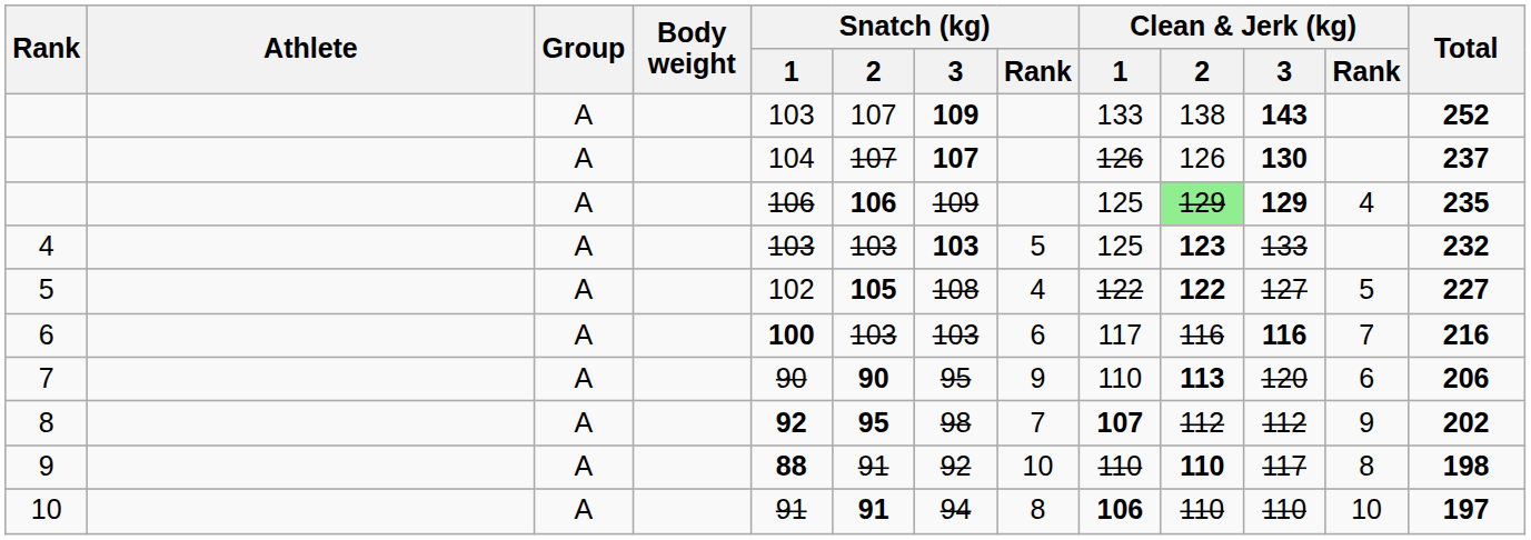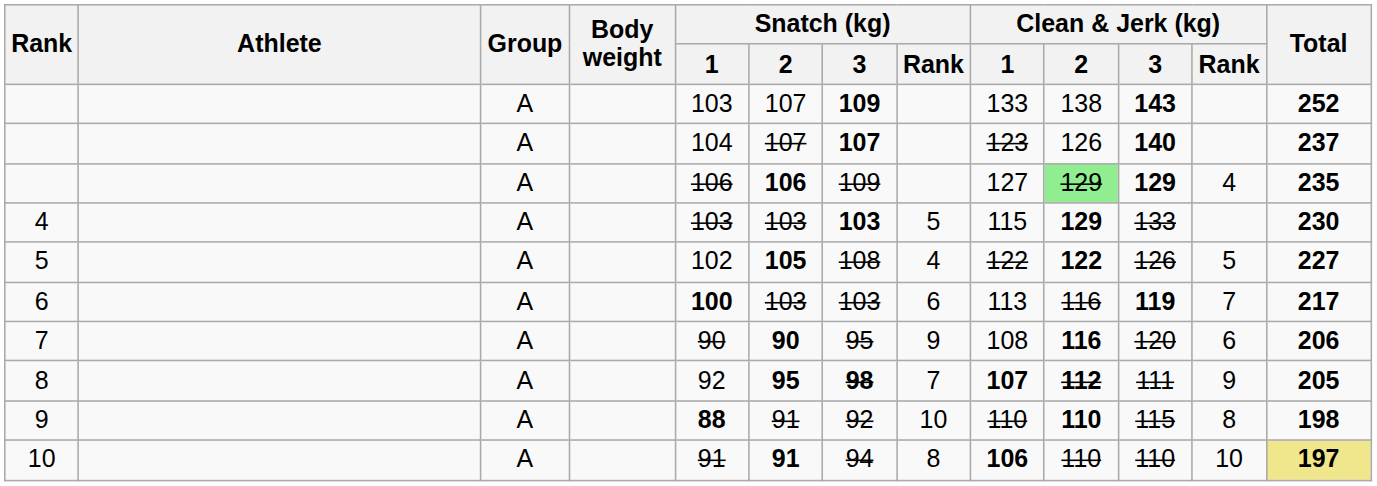 <table class = "wikitable" style="text-align:center;">
 <tr>
 <th rowspan=2 width=40>Rank</th>
 <th rowspan=2 width=250>Athlete</th>
 <th rowspan=2 width=50>Group</th>
 <th rowspan=2 width=60>Body weight</th>
 <th colspan=4>Snatch (kg)</th>
 <th colspan=4>Clean & Jerk (kg)</th>
 <th rowspan=2 width=60>Total</th>
 </tr>
 <tr>
 <th width=40>1</th>
 <th width=40>2</th>
 <th width=40>3</th>
 <th width=40>Rank</th>
 <th width=40>1</th>
 <th width=40>2</th>
 <th width=40>3</th>
 <th width=40>Rank</th>
 </tr>
 <tr>
 <td></td>
 <td align=left></td>
 <td>A</td>
 <td></td>
 <td>103</td>
 <td>107</td>
 <td><strong>109</strong></td>
 <td></td>
 <td>133</td>
 <td>138</td>
 <td><strong>143</strong></td>
 <td></td>
 <td><strong>252</strong></td>
 </tr>
 <tr>
 <td></td>
 <td align=left></td>
 <td>A</td>
 <td></td>
 <td>104</td>
 <td><s>107</s></td>
 <td><strong>107</strong></td>
 <td></td>
-<td><s>126</s></td>
+<td><s>123</s></td>
 <td>126</td>
-<td><strong>130</strong></td>
+<td><strong>140</strong></td>
 <td></td>
 <td><strong>237</strong></td>
 </tr>
 <tr>
 <td></td>
 <td align=left></td>
 <td>A</td>
 <td></td>
 <td><s>106</s></td>
 <td><strong>106</strong></td>
 <td><s>109</s></td>
 <td></td>
-<td>125</td>
+<td>127</td>
 <td style="background: lightgreen;"><s>129</s></td>
 <td><strong>129</strong></td>
 <td>4</td>
 <td><strong>235</strong></td>
 </tr>
 <tr>
 <td>4</td>
 <td align=left></td>
 <td>A</td>
 <td></td>
 <td><s>103</s></td>
 <td><s>103</s></td>
 <td><strong>103</strong></td>
 <td>5</td>
-<td>125</td>
-<td><strong>123</strong></td>
+<td>115</td>
+<td><strong>129</strong></td>
 <td><s>133</s></td>
 <td></td>
-<td><strong>232</strong></td>
+<td><strong>230</strong></td>
 </tr>
 <tr>
 <td>5</td>
 <td align=left></td>
 <td>A</td>
 <td></td>
 <td>102</td>
 <td><strong>105</strong></td>
 <td><s>108</s></td>
 <td>4</td>
 <td><s>122</s></td>
 <td><strong>122</strong></td>
-<td><s>127</s></td>
+<td><s>126</s></td>
 <td>5</td>
 <td><strong>227</strong></td>
 </tr>
 <tr>
 <td>6</td>
 <td align=left></td>
 <td>A</td>
 <td></td>
 <td><strong>100</strong></td>
 <td><s>103</s></td>
 <td><s>103</s></td>
 <td>6</td>
-<td>117</td>
+<td>113</td>
 <td><s>116</s></td>
-<td><strong>116</strong></td>
+<td><strong>119</strong></td>
 <td>7</td>
-<td><strong>216</strong></td>
+<td><strong>217</strong></td>
 </tr>
 <tr>
 <td>7</td>
 <td align=left></td>
 <td>A</td>
 <td></td>
 <td><s>90</s></td>
 <td><strong>90</strong></td>
 <td><s>95</s></td>
 <td>9</td>
-<td>110</td>
-<td><strong>113</strong></td>
+<td>108</td>
+<td><strong>116</strong></td>
 <td><s>120</s></td>
 <td>6</td>
 <td><strong>206</strong></td>
 </tr>
 <tr>
 <td>8</td>
 <td align=left></td>
 <td>A</td>
 <td></td>
-<td><strong>92</strong></td>
+<td>92</td>
 <td><strong>95</strong></td>
-<td><s>98</s></td>
+<td><strong><s>98</s></strong></td>
 <td>7</td>
 <td><strong>107</strong></td>
-<td><s>112</s></td>
-<td><s>112</s></td>
+<td><strong><s>112</s></strong></td>
+<td><s>111</s></td>
 <td>9</td>
-<td><strong>202</strong></td>
+<td><strong>205</strong></td>
 </tr>
 <tr>
 <td>9</td>
 <td align=left></td>
 <td>A</td>
 <td></td>
 <td><strong>88</strong></td>
 <td><s>91</s></td>
 <td><s>92</s></td>
 <td>10</td>
 <td><s>110</s></td>
 <td><strong>110</strong></td>
-<td><s>117</s></td>
+<td><s>115</s></td>
 <td>8</td>
 <td><strong>198</strong></td>
 </tr>
 <tr>
 <td>10</td>
 <td align=left></td>
 <td>A</td>
 <td></td>
 <td><s>91</s></td>
 <td><strong>91</strong></td>
 <td><s>94</s></td>
 <td>8</td>
 <td><strong>106</strong></td>
 <td><s>110</s></td>
 <td><s>110</s></td>
 <td>10</td>
-<td><strong>197</strong></td>
+<td style="background: khaki;"><strong>197</strong></td>
 </tr>
 </table>
